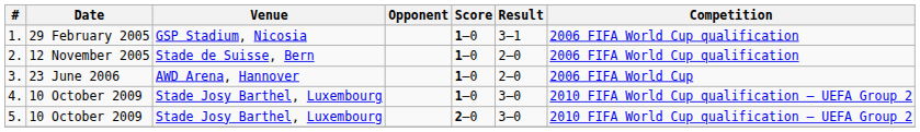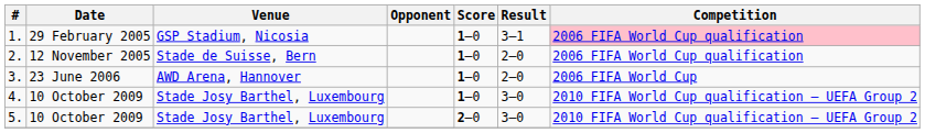 <table class="wikitable">
 <tr>
 <th>#</th>
 <th>Date</th>
 <th>Venue</th>
 <th>Opponent</th>
 <th>Score</th>
 <th>Result</th>
 <th>Competition</th>
 </tr>
 <tr>
 <td>1.</td>
 <td>29 February 2005</td>
 <td><a href='#'>GSP Stadium</a>, <a href='#'>Nicosia</a></td>
 <td></td>
 <td><strong>1</strong>–0</td>
 <td>3–1</td>
-<td><a href='#'>2006 FIFA World Cup qualification</a></td>
+<td style="background: pink;"><a href='#'>2006 FIFA World Cup qualification</a></td>
 </tr>
 <tr>
 <td>2.</td>
 <td>12 November 2005</td>
 <td><a href='#'>Stade de Suisse</a>, <a href='#'>Bern</a></td>
 <td></td>
 <td><strong>1</strong>–0</td>
 <td>2–0</td>
 <td><a href='#'>2006 FIFA World Cup qualification</a></td>
 </tr>
 <tr>
 <td>3.</td>
 <td>23 June 2006</td>
 <td><a href='#'>AWD Arena</a>, <a href='#'>Hannover</a></td>
 <td></td>
 <td><strong>1</strong>–0</td>
 <td>2–0</td>
 <td><a href='#'>2006 FIFA World Cup</a></td>
 </tr>
 <tr>
 <td>4.</td>
 <td>10 October 2009</td>
 <td><a href='#'>Stade Josy Barthel</a>, <a href='#'>Luxembourg</a></td>
 <td></td>
 <td><strong>1</strong>–0</td>
 <td>3–0</td>
 <td><a href='#'>2010 FIFA World Cup qualification – UEFA Group 2</a></td>
 </tr>
 <tr>
 <td>5.</td>
 <td>10 October 2009</td>
 <td><a href='#'>Stade Josy Barthel</a>, <a href='#'>Luxembourg</a></td>
 <td></td>
 <td><strong>2</strong>–0</td>
 <td>3–0</td>
 <td><a href='#'>2010 FIFA World Cup qualification – UEFA Group 2</a></td>
 </tr>
 <tr>
 </tr>
 </table>
